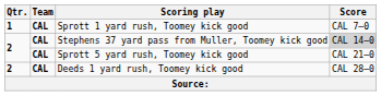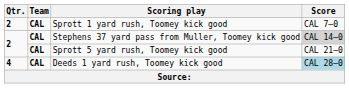 <table class="wikitable">
 <tr>
 <th>Qtr.</th>
 <th>Team</th>
 <th>Scoring play</th>
 <th>Score</th>
 </tr>
 <tr>
-<td><strong>1</strong></td>
+<td><strong>2</strong></td>
 <td><strong>CAL</strong></td>
 <td>Sprott 1 yard rush, Toomey kick good</td>
 <td>CAL 7–0</td>
 </tr>
 <tr>
 <td rowspan=2><strong>2</strong></td>
 <td><strong>CAL</strong></td>
 <td>Stephens 37 yard pass from Muller, Toomey kick good</td>
 <td style="background: lightgrey;">CAL 14–0</td>
 </tr>
 <tr>
 <td><strong>CAL</strong></td>
 <td>Sprott 5 yard rush, Toomey kick good</td>
 <td>CAL 21–0</td>
 </tr>
 <tr>
-<td><strong>2</strong></td>
+<td><strong>4</strong></td>
 <td><strong>CAL</strong></td>
 <td>Deeds 1 yard rush, Toomey kick good</td>
-<td>CAL 28–0</td>
+<td style="background: lightblue;">CAL 28–0</td>
 </tr>
 <tr>
 <th colspan=4>Source:</th>
 </tr>
 </table>
